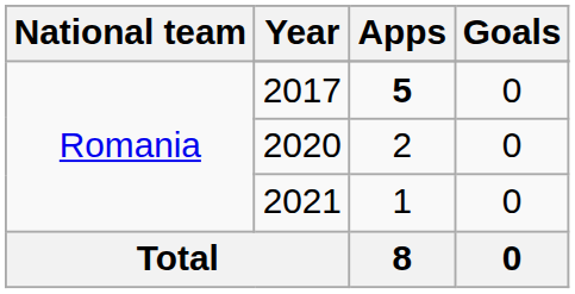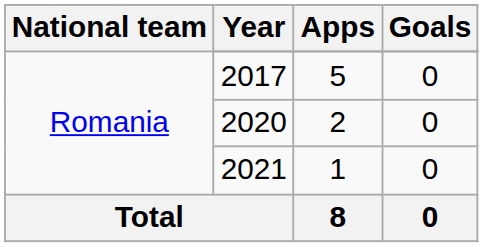 <table class="wikitable" style="text-align: center">
 <tr>
 <th>National team</th>
 <th>Year</th>
 <th>Apps</th>
 <th>Goals</th>
 </tr>
 <tr>
 <td rowspan=4><a href='#'>Romania</a></td>
 </tr>
 <tr>
 <td>2017</td>
-<td><strong>5</strong></td>
+<td>5</td>
 <td>0</td>
 </tr>
 <tr>
 <td>2020</td>
 <td>2</td>
 <td>0</td>
 </tr>
 <tr>
 <td>2021</td>
 <td>1</td>
 <td>0</td>
 </tr>
 <tr>
 <th colspan="2">Total</th>
 <th>8</th>
 <th>0</th>
 </tr>
 </table>
